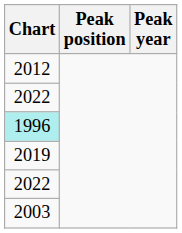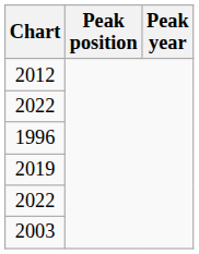 <table class="wikitable sortable plainrowheaders" style="text-align:center">
 <tr>
 <th scope="col">Chart</th>
 <th scope="col">Peak<br>position</th>
 <th scope="col">Peak<br>year</th>
 </tr>
 <tr>
 <td>2012</td>
 </tr>
 <tr>
 <td>2022</td>
 </tr>
 <tr>
-<td style="background: paleturquoise;">1996</td>
+<td>1996</td>
 </tr>
 <tr>
 <td>2019</td>
 </tr>
 <tr>
 <td>2022</td>
 </tr>
 <tr>
 <td>2003</td>
 </tr>
 </table>
